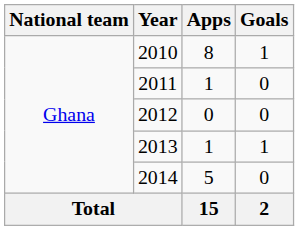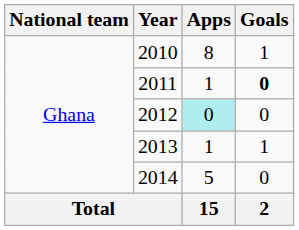 <table class="wikitable" style="text-align:center">
 <tr>
 <th>National team</th>
 <th>Year</th>
 <th>Apps</th>
 <th>Goals</th>
 </tr>
 <tr>
 <td rowspan="5"><a href='#'>Ghana</a></td>
 <td>2010</td>
 <td>8</td>
 <td>1</td>
 </tr>
 <tr>
 <td>2011</td>
 <td>1</td>
-<td>0</td>
+<td><strong>0</strong></td>
 </tr>
 <tr>
 <td>2012</td>
-<td>0</td>
+<td style="background: paleturquoise;">0</td>
 <td>0</td>
 </tr>
 <tr>
 <td>2013</td>
 <td>1</td>
 <td>1</td>
 </tr>
 <tr>
 <td>2014</td>
 <td>5</td>
 <td>0</td>
 </tr>
 <tr>
 <th colspan="2">Total</th>
 <th>15</th>
 <th>2</th>
 </tr>
 </table>
